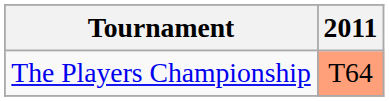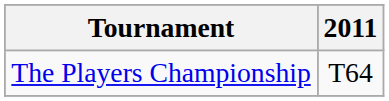 <table class="wikitable" style="font-size:95%;text-align:center;">
 <tr>
 <th>Tournament</th>
 <th>2011</th>
 </tr>
 <tr>
 <td align=left><a href='#'>The Players Championship</a></td>
-<td style="background: lightsalmon;">T64</td>
+<td>T64</td>
 </tr>
 </table>
